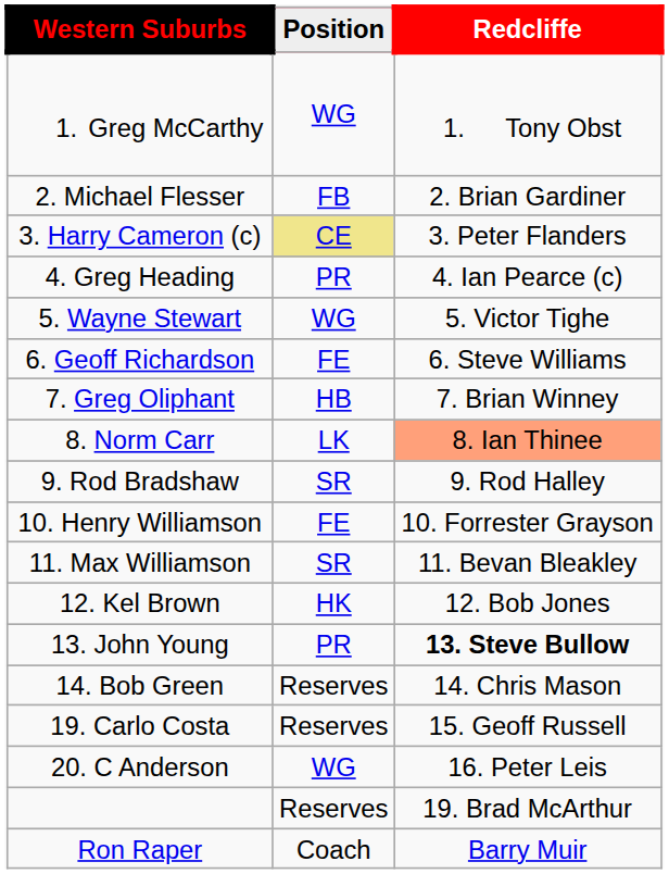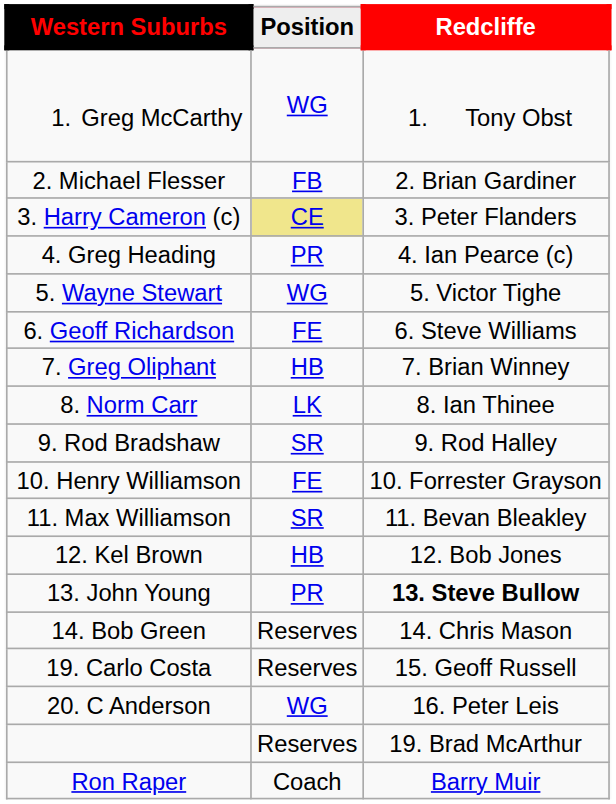 <table class="wikitable" style="float:right; font-size:90%; margin-left:1em;">
 <tr style="background:#f03;">
 <th align="centre" style="width:140px; border:3px solid black; background: black; color: Red">Western Suburbs</th>
 <th style="width:40px; text-align:center; background:#eee; color:black;">Position</th>
 <th align="centre" style="width:140px; border:3px solid red; background: red; color: white">Redcliffe</th>
 </tr>
 <tr align=center>
 <td><br><ol><li>Greg McCarthy</li></ol></td>
 <td><a href='#'>WG</a></td>
 <td><br><ol><li>Tony Obst</li></ol></td>
 </tr>
 <tr align=center>
 <td>2. Michael Flesser</td>
 <td><a href='#'>FB</a></td>
 <td>2. Brian Gardiner</td>
 </tr>
 <tr align=center>
 <td>3. <a href='#'>Harry Cameron</a> (c)</td>
 <td style="background: khaki;"><a href='#'>CE</a></td>
 <td>3. Peter Flanders</td>
 </tr>
 <tr align=center>
 <td>4. Greg Heading</td>
 <td><a href='#'>PR</a></td>
 <td>4. Ian Pearce (c)</td>
 </tr>
 <tr align=center>
 <td>5. <a href='#'>Wayne Stewart</a></td>
 <td><a href='#'>WG</a></td>
 <td>5. Victor Tighe</td>
 </tr>
 <tr align=center>
 <td>6. <a href='#'>Geoff Richardson</a></td>
 <td><a href='#'>FE</a></td>
 <td>6. Steve Williams</td>
 </tr>
 <tr align=center>
 <td>7. <a href='#'>Greg Oliphant</a></td>
 <td><a href='#'>HB</a></td>
 <td>7. Brian Winney</td>
 </tr>
 <tr align=center>
 <td>8. <a href='#'>Norm Carr</a></td>
 <td><a href='#'>LK</a></td>
-<td style="background: lightsalmon;">8. Ian Thinee</td>
+<td>8. Ian Thinee</td>
 </tr>
 <tr align=center>
 <td>9. Rod Bradshaw</td>
 <td><a href='#'>SR</a></td>
 <td>9. Rod Halley</td>
 </tr>
 <tr align=center>
 <td>10. Henry Williamson</td>
 <td><a href='#'>FE</a></td>
 <td>10. Forrester Grayson</td>
 </tr>
 <tr align=center>
 <td>11. Max Williamson</td>
 <td><a href='#'>SR</a></td>
 <td>11. Bevan Bleakley</td>
 </tr>
 <tr align=center>
 <td>12. Kel Brown</td>
-<td><a href='#'>HK</a></td>
+<td><a href='#'>HB</a></td>
 <td>12. Bob Jones</td>
 </tr>
 <tr align=center>
 <td>13. John Young</td>
 <td><a href='#'>PR</a></td>
 <td><strong>13. Steve Bullow</strong></td>
 </tr>
 <tr align=center>
 <td>14. Bob Green</td>
 <td>Reserves</td>
 <td>14.  Chris Mason</td>
 </tr>
 <tr align=center>
 <td>19. Carlo Costa</td>
 <td>Reserves</td>
 <td>15. Geoff Russell</td>
 </tr>
 <tr align=center>
 <td>20. C Anderson</td>
 <td><a href='#'>WG</a></td>
 <td>16. Peter Leis</td>
 </tr>
 <tr align=center>
 <td></td>
 <td>Reserves</td>
 <td>19. Brad McArthur</td>
 </tr>
 <tr align=center>
 <td><a href='#'>Ron Raper</a></td>
 <td>Coach</td>
 <td><a href='#'>Barry Muir</a></td>
 </tr>
 </table>
